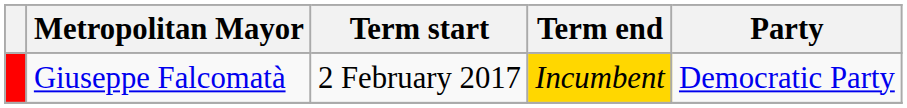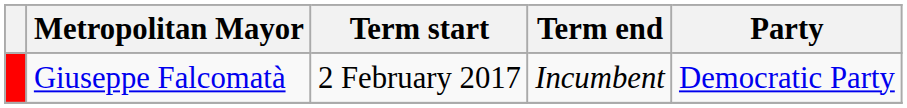 <table class="wikitable">
 <tr>
 <th class=unsortable> </th>
 <th>Metropolitan Mayor</th>
 <th>Term start</th>
 <th>Term end</th>
 <th>Party</th>
 </tr>
 <tr>
 <th style="background:#FF0000;"></th>
 <td><a href='#'>Giuseppe Falcomatà</a></td>
 <td align=center>2 February 2017</td>
-<td align=center style="background: gold;"><em>Incumbent</em></td>
+<td align=center><em>Incumbent</em></td>
 <td><a href='#'>Democratic Party</a></td>
 </tr>
 <tr>
 </tr>
 </table>
